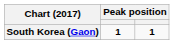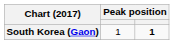 <table class="wikitable sortable plainrowheaders" style="text-align:center">
 <tr>
 <th rowspan=2>Chart (2017)</th>
 <th colspan=2>Peak position</th>
 </tr>
 <tr>
 <th></th>
 <th></th>
 </tr>
 <tr>
 <th scope="row">South Korea (<a href='#'>Gaon</a>)</th>
-<td><strong>1</strong></td>
+<td>1</td>
 <td><strong>1</strong></td>
 </tr>
 </table>
